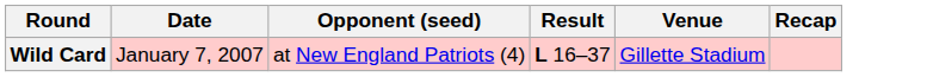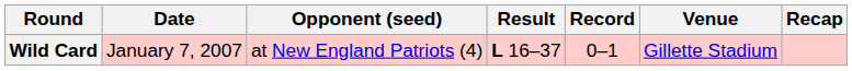 <table class="wikitable"style="text-align:center">
 <tr>
 <th>Round</th>
 <th>Date</th>
 <th>Opponent (seed)</th>
 <th>Result</th>
+<th>Record</th>
 <th>Venue</th>
 <th>Recap</th>
 </tr>
 <tr style="background:#fcc">
 <th>Wild Card</th>
 <td>January 7, 2007</td>
 <td>at <a href='#'>New England Patriots</a> (4)</td>
 <td><strong>L</strong> 16–37</td>
+<td>0–1</td>
 <td><a href='#'>Gillette Stadium</a></td>
 <td></td>
 </tr>
 </table>
